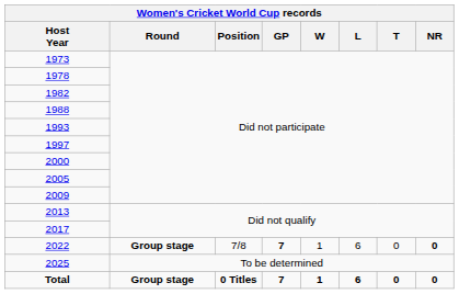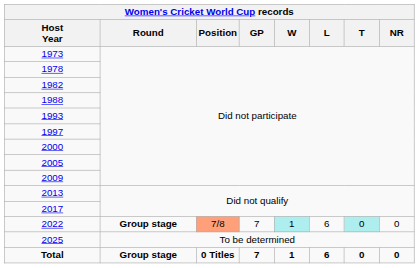 <table class="wikitable" style="text-align: center;">
 <tr>
 <th colspan=8><a href='#'>Women's Cricket World Cup</a> records</th>
 </tr>
 <tr>
 <th width=150>Host<br>Year</th>
 <th width=150>Round</th>
 <th width=50>Position</th>
 <th width=50>GP</th>
 <th width=50>W</th>
 <th width=50>L</th>
 <th width=50>T</th>
 <th width=50>NR</th>
 </tr>
 <tr>
 <td> <a href='#'>1973</a></td>
 <td colspan=7  rowspan=9>Did not participate</td>
 </tr>
 <tr>
 <td> <a href='#'>1978</a></td>
 </tr>
 <tr>
 <td> <a href='#'>1982</a></td>
 </tr>
 <tr>
 <td> <a href='#'>1988</a></td>
 </tr>
 <tr>
 <td> <a href='#'>1993</a></td>
 </tr>
 <tr>
 <td> <a href='#'>1997</a></td>
 </tr>
 <tr>
 <td> <a href='#'>2000</a></td>
 </tr>
 <tr>
 <td> <a href='#'>2005</a></td>
 </tr>
 <tr>
 <td> <a href='#'>2009</a></td>
 </tr>
 <tr>
 <td> <a href='#'>2013</a></td>
 <td colspan=7  rowspan=2>Did not qualify</td>
 </tr>
 <tr>
 <td> <a href='#'>2017</a></td>
 </tr>
 <tr>
 <td> <a href='#'>2022</a></td>
 <td><strong>Group stage</strong></td>
-<td>7/8</td>
-<td><strong>7</strong></td>
-<td>1</td>
+<td style="background: lightsalmon;">7/8</td>
+<td>7</td>
+<td style="background: paleturquoise;">1</td>
 <td>6</td>
+<td style="background: paleturquoise;">0</td>
 <td>0</td>
-<td><strong>0</strong></td>
 </tr>
 <tr>
 <td> <a href='#'>2025</a></td>
 <td colspan=8>To be determined</td>
 </tr>
 <tr>
 <td><strong>Total</strong></td>
 <td><strong>Group stage</strong></td>
 <td><strong>0 Titles</strong></td>
 <td><strong>7</strong></td>
 <td><strong>1</strong></td>
 <td><strong>6</strong></td>
 <td><strong>0</strong></td>
 <td><strong>0</strong></td>
 </tr>
 </table>
